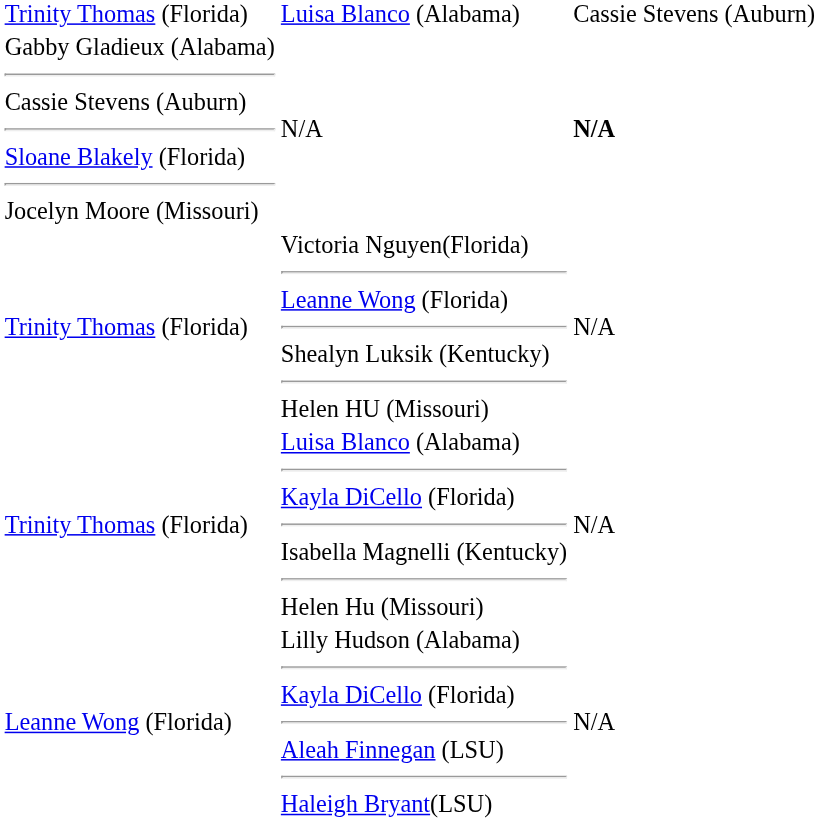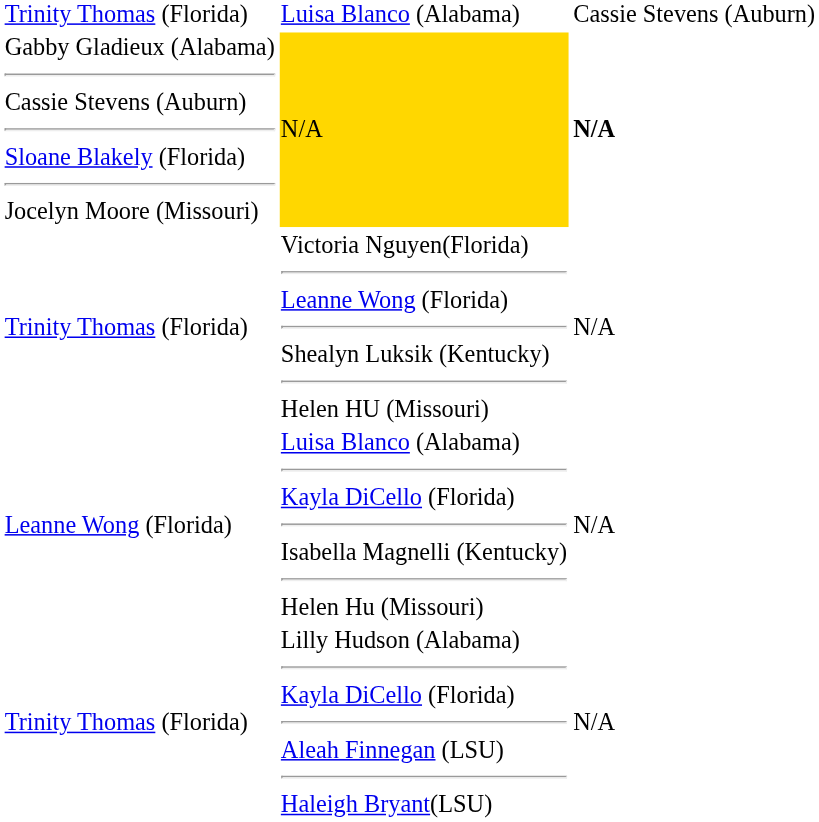 <table>
 <tr>
 <th scope=row style="text-align:left"></th>
 <td><a href='#'>Trinity Thomas</a> (Florida)</td>
 <td><a href='#'>Luisa Blanco</a> (Alabama)</td>
 <td>Cassie Stevens (Auburn)</td>
 </tr>
 <tr>
 <th scope=row style="text-align:left"></th>
 <td>Gabby Gladieux (Alabama) <hr> Cassie Stevens (Auburn)<hr> <a href='#'>Sloane Blakely</a>	(Florida) <hr>  Jocelyn Moore (Missouri)</td>
-<td>N/A</td>
+<td style="background: gold;">N/A</td>
 <td><strong>N/A</strong></td>
 </tr>
 <tr>
 <th scope=row style="text-align:left"></th>
 <td><a href='#'>Trinity Thomas</a> (Florida)</td>
 <td>Victoria Nguyen(Florida)	 <hr> <a href='#'>Leanne Wong</a> (Florida) <hr>  Shealyn Luksik (Kentucky)	<hr> Helen HU (Missouri)</td>
 <td>N/A</td>
 </tr>
 <tr>
 <th scope=row style="text-align:left"></th>
-<td><a href='#'>Trinity Thomas</a> (Florida)</td>
+<td><a href='#'>Leanne Wong</a> (Florida)</td>
 <td><a href='#'>Luisa Blanco</a> (Alabama)<hr> <a href='#'>Kayla DiCello</a> (Florida) <hr> Isabella Magnelli (Kentucky)<hr> Helen Hu	(Missouri)</td>
 <td>N/A</td>
 </tr>
 <tr>
 <th scope=row style="text-align:left"></th>
-<td><a href='#'>Leanne Wong</a> (Florida)</td>
+<td><a href='#'>Trinity Thomas</a> (Florida)</td>
 <td>Lilly Hudson	(Alabama) <hr> <a href='#'>Kayla DiCello</a> (Florida) <hr> <a href='#'>Aleah Finnegan</a> (LSU) <hr>  <a href='#'>Haleigh Bryant</a>(LSU)</td>
 <td>N/A</td>
 </tr>
 </table>
